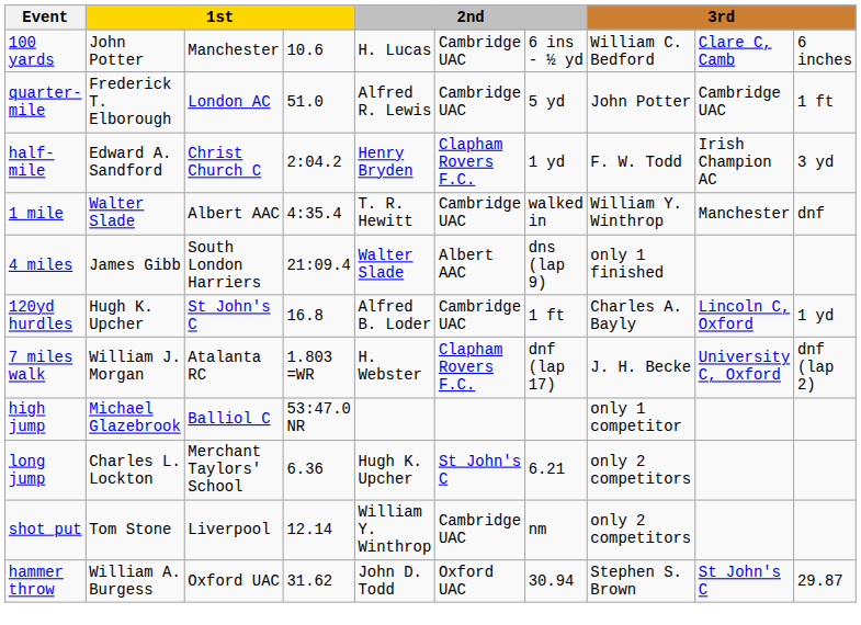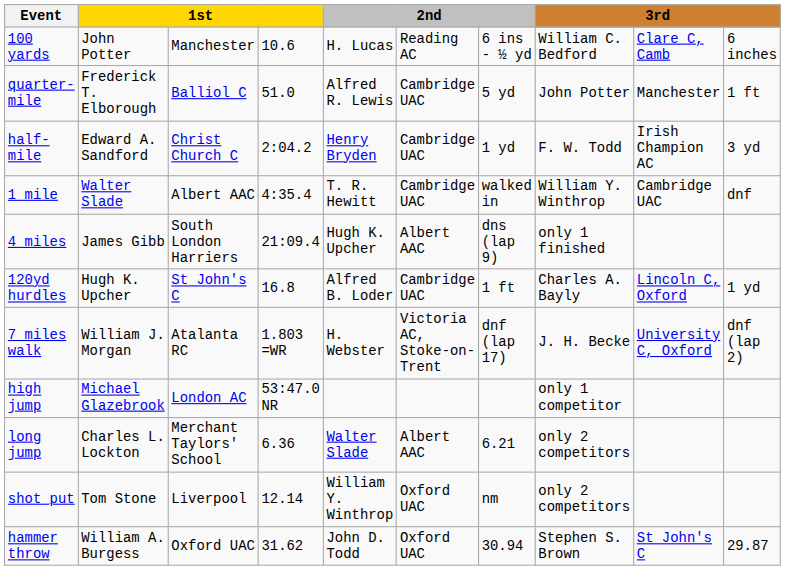 <table class="wikitable" style="text-align:left">
 <tr>
 <th width=100>Event</th>
 <th colspan="3" width="380" style="background:gold;">1st</th>
 <th colspan="3" width="380" style="background:silver;">2nd</th>
 <th colspan="3" width="380" style="background:#CD7F32;">3rd</th>
 </tr>
 <tr>
 <td><a href='#'>100 yards</a></td>
 <td>John Potter</td>
 <td>Manchester</td>
 <td>10.6</td>
 <td>H. Lucas</td>
-<td>Cambridge UAC</td>
+<td>Reading AC</td>
 <td>6 ins - ½ yd</td>
 <td>William C. Bedford</td>
 <td><a href='#'>Clare C, Camb</a></td>
 <td>6 inches</td>
 </tr>
 <tr>
 <td><a href='#'>quarter-mile</a></td>
 <td>Frederick T. Elborough</td>
-<td><a href='#'>London AC</a></td>
+<td><a href='#'>Balliol C</a></td>
 <td>51.0</td>
 <td>Alfred R. Lewis</td>
 <td>Cambridge UAC</td>
 <td>5 yd</td>
 <td>John Potter</td>
-<td>Cambridge UAC</td>
+<td>Manchester</td>
 <td>1 ft</td>
 </tr>
 <tr>
 <td><a href='#'>half-mile</a></td>
 <td>Edward A. Sandford</td>
 <td><a href='#'>Christ Church C</a></td>
 <td>2:04.2</td>
 <td><a href='#'>Henry Bryden</a></td>
-<td><a href='#'>Clapham Rovers F.C.</a></td>
+<td>Cambridge UAC</td>
 <td>1 yd</td>
 <td>F. W. Todd</td>
 <td>Irish Champion AC</td>
 <td>3 yd</td>
 </tr>
 <tr>
 <td><a href='#'>1 mile</a></td>
 <td><a href='#'>Walter Slade</a></td>
 <td>Albert AAC</td>
 <td>4:35.4</td>
 <td>T. R. Hewitt</td>
 <td>Cambridge UAC</td>
 <td>walked in</td>
 <td>William Y. Winthrop</td>
-<td>Manchester</td>
+<td>Cambridge UAC</td>
 <td>dnf</td>
 </tr>
 <tr>
 <td><a href='#'>4 miles</a></td>
 <td>James Gibb</td>
 <td>South London Harriers</td>
 <td>21:09.4</td>
-<td><a href='#'>Walter Slade</a></td>
+<td>Hugh K. Upcher</td>
 <td>Albert AAC</td>
 <td>dns (lap 9)</td>
 <td>only 1 finished</td>
 <td></td>
 <td></td>
 </tr>
 <tr>
 <td><a href='#'>120yd hurdles</a></td>
 <td>Hugh K. Upcher</td>
 <td><a href='#'>St John's C</a></td>
 <td>16.8</td>
 <td>Alfred B. Loder</td>
 <td>Cambridge UAC</td>
 <td>1 ft</td>
 <td>Charles A. Bayly</td>
 <td><a href='#'>Lincoln C, Oxford</a></td>
 <td>1 yd</td>
 </tr>
 <tr>
 <td><a href='#'>7 miles walk</a></td>
 <td>William J. Morgan</td>
 <td>Atalanta RC</td>
 <td>1.803 =WR</td>
 <td>H. Webster</td>
-<td><a href='#'>Clapham Rovers F.C.</a></td>
+<td>Victoria AC, Stoke-on-Trent</td>
 <td>dnf (lap 17)</td>
 <td>J. H. Becke</td>
 <td><a href='#'>University C, Oxford</a></td>
 <td>dnf (lap 2)</td>
 </tr>
 <tr>
 <td><a href='#'>high jump</a></td>
 <td><a href='#'>Michael Glazebrook</a></td>
-<td><a href='#'>Balliol C</a></td>
+<td><a href='#'>London AC</a></td>
 <td>53:47.0 NR</td>
 <td></td>
 <td></td>
 <td></td>
 <td>only 1 competitor</td>
 <td></td>
 <td></td>
 </tr>
 <tr>
 <td><a href='#'>long jump</a></td>
 <td>Charles L. Lockton</td>
 <td>Merchant Taylors' School</td>
 <td>6.36</td>
-<td>Hugh K. Upcher</td>
-<td><a href='#'>St John's C</a></td>
+<td><a href='#'>Walter Slade</a></td>
+<td>Albert AAC</td>
 <td>6.21</td>
 <td>only 2 competitors</td>
 <td></td>
 <td></td>
 </tr>
 <tr>
 <td><a href='#'>shot put</a></td>
 <td>Tom Stone</td>
 <td>Liverpool</td>
 <td>12.14</td>
 <td>William Y. Winthrop</td>
-<td>Cambridge UAC</td>
+<td>Oxford UAC</td>
 <td>nm</td>
 <td>only 2 competitors</td>
 <td></td>
 <td></td>
 </tr>
 <tr>
 <td><a href='#'>hammer throw</a></td>
 <td>William A. Burgess</td>
 <td>Oxford UAC</td>
 <td>31.62</td>
 <td>John D. Todd</td>
 <td>Oxford UAC</td>
 <td>30.94</td>
 <td>Stephen S. Brown</td>
 <td><a href='#'>St John's C</a></td>
 <td>29.87</td>
 </tr>
 </table>
